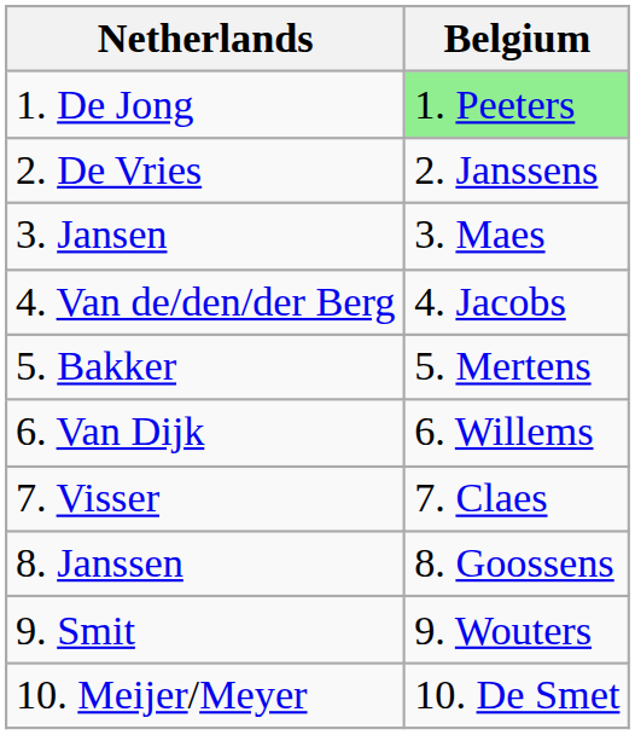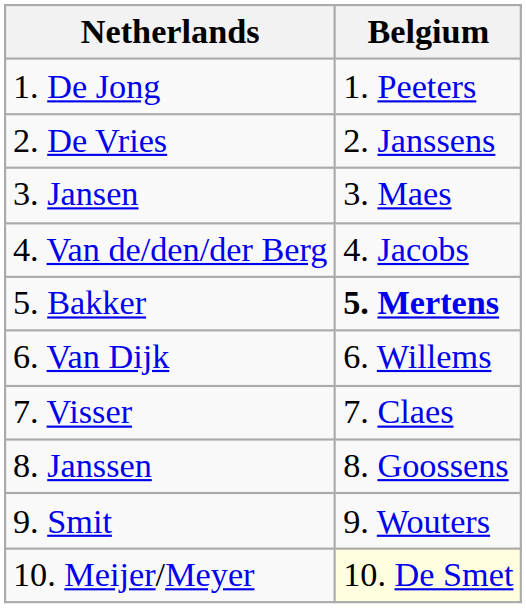 <table class="wikitable">
 <tr>
 <th>Netherlands</th>
 <th>Belgium</th>
 </tr>
 <tr>
 <td>1. <a href='#'>De Jong</a></td>
-<td style="background: lightgreen;">1. <a href='#'>Peeters</a></td>
+<td>1. <a href='#'>Peeters</a></td>
 </tr>
 <tr>
 <td>2. <a href='#'>De Vries</a></td>
 <td>2. <a href='#'>Janssens</a></td>
 </tr>
 <tr>
 <td>3. <a href='#'>Jansen</a></td>
 <td>3. <a href='#'>Maes</a></td>
 </tr>
 <tr>
 <td>4. <a href='#'>Van de/den/der Berg</a></td>
 <td>4. <a href='#'>Jacobs</a></td>
 </tr>
 <tr>
 <td>5. <a href='#'>Bakker</a></td>
-<td>5. <a href='#'>Mertens</a></td>
+<td><strong>5. <a href='#'>Mertens</a></strong></td>
 </tr>
 <tr>
 <td>6. <a href='#'>Van Dijk</a></td>
 <td>6. <a href='#'>Willems</a></td>
 </tr>
 <tr>
 <td>7. <a href='#'>Visser</a></td>
 <td>7. <a href='#'>Claes</a></td>
 </tr>
 <tr>
 <td>8. <a href='#'>Janssen</a></td>
 <td>8. <a href='#'>Goossens</a></td>
 </tr>
 <tr>
 <td>9. <a href='#'>Smit</a></td>
 <td>9. <a href='#'>Wouters</a></td>
 </tr>
 <tr>
 <td>10. <a href='#'>Meijer</a>/<a href='#'>Meyer</a></td>
-<td>10. <a href='#'>De Smet</a></td>
+<td style="background: lightyellow;">10. <a href='#'>De Smet</a></td>
 </tr>
 </table>
